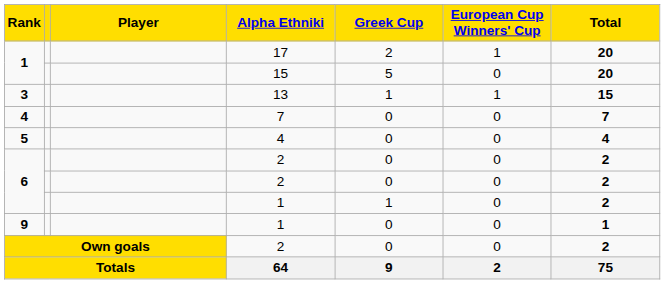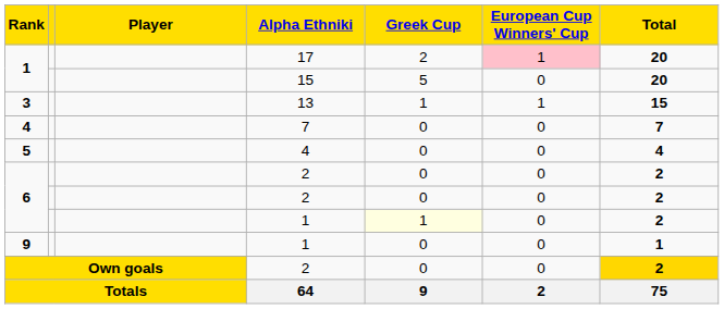 <table class="wikitable sortable" style="text-align: center">
 <tr>
 <th style="background:#FFDE00">Rank</th>
 <th style="background:#FFDE00"></th>
 <th width=200 style="background:#FFDE00">Player</th>
 <th width=120 style="background:#FFDE00"><a href='#'>Alpha Ethniki</a></th>
 <th width=120 style="background:#FFDE00"><a href='#'>Greek Cup</a></th>
 <th width=120 style="background:#FFDE00"><a href='#'>European Cup Winners' Cup</a></th>
 <th width=120 style="background:#FFDE00">Total</th>
 </tr>
 <tr>
 <td rowspan=2><strong>1</strong></td>
 <td></td>
 <td align=left></td>
 <td>17</td>
 <td>2</td>
-<td>1</td>
+<td style="background: pink;">1</td>
 <td><strong>20</strong></td>
 </tr>
 <tr>
 <td></td>
 <td align=left></td>
 <td>15</td>
 <td>5</td>
 <td>0</td>
 <td><strong>20</strong></td>
 </tr>
 <tr>
 <td><strong>3</strong></td>
 <td></td>
 <td align=left></td>
 <td>13</td>
 <td>1</td>
 <td>1</td>
 <td><strong>15</strong></td>
 </tr>
 <tr>
 <td><strong>4</strong></td>
 <td></td>
 <td align=left></td>
 <td>7</td>
 <td>0</td>
 <td>0</td>
 <td><strong>7</strong></td>
 </tr>
 <tr>
 <td><strong>5</strong></td>
 <td></td>
 <td align=left></td>
 <td>4</td>
 <td>0</td>
 <td>0</td>
 <td><strong>4</strong></td>
 </tr>
 <tr>
 <td rowspan=3><strong>6</strong></td>
 <td></td>
 <td align=left></td>
 <td>2</td>
 <td>0</td>
 <td>0</td>
 <td><strong>2</strong></td>
 </tr>
 <tr>
 <td></td>
 <td align=left></td>
 <td>2</td>
 <td>0</td>
 <td>0</td>
 <td><strong>2</strong></td>
 </tr>
 <tr>
 <td></td>
 <td align=left></td>
 <td>1</td>
-<td>1</td>
+<td style="background: lightyellow;">1</td>
 <td>0</td>
 <td><strong>2</strong></td>
 </tr>
 <tr>
 <td><strong>9</strong></td>
 <td></td>
 <td align=left></td>
 <td>1</td>
 <td>0</td>
 <td>0</td>
 <td><strong>1</strong></td>
 </tr>
 <tr class="sortbottom">
 <td colspan=3 style="background:#FFDE00"><strong>Own goals</strong></td>
 <td>2</td>
 <td>0</td>
 <td>0</td>
-<td><strong>2</strong></td>
+<td style="background: gold;"><strong>2</strong></td>
 </tr>
 <tr class="sortbottom">
 <th colspan=3 style="background:#FFDE00"><strong>Totals</strong></th>
 <th><strong>64</strong></th>
 <th><strong> 9</strong></th>
 <th><strong> 2</strong></th>
 <th><strong>75</strong></th>
 </tr>
 </table>
